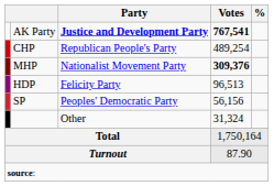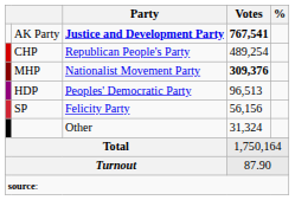 <table class="wikitable">
 <tr>
 <th colspan="2" align="center"></th>
 <th align="center">Party</th>
 <th align="center">Votes</th>
 <th align="center">%</th>
 </tr>
 <tr align="left">
 <td></td>
 <td>AK Party</td>
 <td><strong><a href='#'>Justice and Development Party</a></strong></td>
 <td><strong>767,541</strong></td>
 <td><strong></strong></td>
 </tr>
 <tr align="left">
 <td bgcolor="#d50000" width="1"></td>
 <td>CHP</td>
 <td><a href='#'>Republican People's Party</a></td>
 <td>489,254</td>
 <td></td>
 </tr>
 <tr align="left">
 <td bgcolor="#870000" width="1"></td>
 <td>MHP</td>
 <td><a href='#'>Nationalist Movement Party</a></td>
 <td><strong>309,376</strong></td>
 <td></td>
 </tr>
 <tr align="left">
 <td bgcolor="#91007B" width="1"></td>
 <td>HDP</td>
-<td><a href='#'>Felicity Party</a></td>
+<td><a href='#'>Peoples' Democratic Party</a></td>
 <td>96,513</td>
 <td></td>
 </tr>
 <tr align="left">
 <td bgcolor="#D02433" width="1"></td>
 <td>SP</td>
-<td><a href='#'>Peoples' Democratic Party</a></td>
+<td><a href='#'>Felicity Party</a></td>
 <td>56,156</td>
 <td></td>
 </tr>
 <tr align="left">
 <td bgcolor=" " width="1"></td>
 <td></td>
 <td>Other</td>
 <td>31,324</td>
 <td></td>
 </tr>
 <tr align="left" style="background-color:#E9E9E9">
 <th colspan="3" align="center"><strong>Total</strong></th>
 <td colspan="5" align="center">1,750,164</td>
 </tr>
 <tr align="left" style="background-color:#E9E9E9">
 <th colspan="3" align="center"><em>Turnout</em></th>
 <td colspan="5" align="center">87.90</td>
 </tr>
 <tr>
 <td colspan="9" align="left"><small><strong>source</strong>: </small></td>
 </tr>
 </table>
